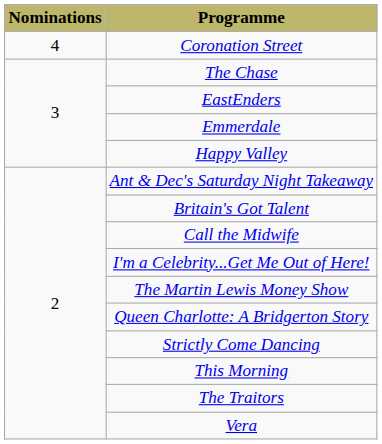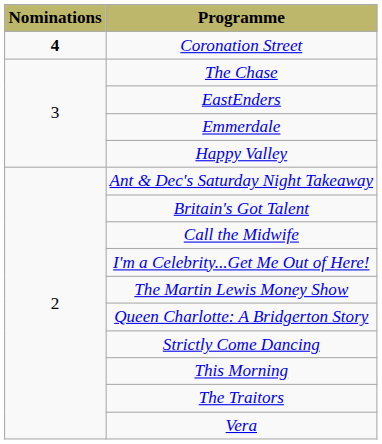 <table class="wikitable" style="text-align:center;">
 <tr>
 <th style="background:#BDB76B;">Nominations</th>
 <th style="background:#BDB76B;">Programme</th>
 </tr>
 <tr>
-<td rowspan="1">4</td>
+<td rowspan="1"><strong>4</strong></td>
 <td><em><a href='#'>Coronation Street</a></em></td>
 </tr>
 <tr>
 <td rowspan="4">3</td>
 <td><em><a href='#'>The Chase</a></em></td>
 </tr>
 <tr>
 <td><em><a href='#'>EastEnders</a></em></td>
 </tr>
 <tr>
 <td><em><a href='#'>Emmerdale</a></em></td>
 </tr>
 <tr>
 <td><em><a href='#'>Happy Valley</a></em></td>
 </tr>
 <tr>
 <td rowspan="10">2</td>
 <td><em><a href='#'>Ant & Dec's Saturday Night Takeaway</a></em></td>
 </tr>
 <tr>
 <td><em><a href='#'>Britain's Got Talent</a></em></td>
 </tr>
 <tr>
 <td><em><a href='#'>Call the Midwife</a></em></td>
 </tr>
 <tr>
 <td><em><a href='#'>I'm a Celebrity...Get Me Out of Here!</a></em></td>
 </tr>
 <tr>
 <td><em><a href='#'>The Martin Lewis Money Show</a></em></td>
 </tr>
 <tr>
 <td><em><a href='#'>Queen Charlotte: A Bridgerton Story</a></em></td>
 </tr>
 <tr>
 <td><em><a href='#'>Strictly Come Dancing</a></em></td>
 </tr>
 <tr>
 <td><em><a href='#'>This Morning</a></em></td>
 </tr>
 <tr>
 <td><em><a href='#'>The Traitors</a></em></td>
 </tr>
 <tr>
 <td><em><a href='#'>Vera</a></em></td>
 </tr>
 </table>
